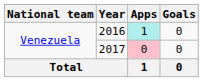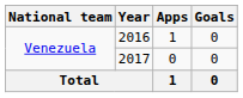 <table class="wikitable" style="text-align:center">
 <tr>
 <th>National team</th>
 <th>Year</th>
 <th>Apps</th>
 <th>Goals</th>
 </tr>
 <tr>
 <td rowspan="2"><a href='#'>Venezuela</a></td>
 <td>2016</td>
-<td style="background: paleturquoise;">1</td>
+<td>1</td>
 <td>0</td>
 </tr>
 <tr>
 <td>2017</td>
-<td style="background: pink;">0</td>
+<td>0</td>
 <td>0</td>
 </tr>
 <tr>
 <th colspan=2>Total</th>
 <th>1</th>
 <th>0</th>
 </tr>
 </table>
